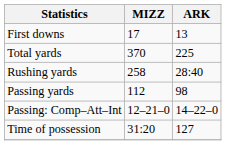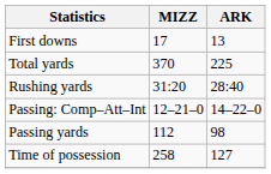 <table class="wikitable" style="float: left;">
 <tr>
 <th>Statistics</th>
 <th>MIZZ</th>
 <th>ARK</th>
 </tr>
 <tr>
 <td>First downs</td>
 <td>17</td>
 <td>13</td>
 </tr>
 <tr>
 <td>Total yards</td>
 <td>370</td>
 <td>225</td>
 </tr>
 <tr>
 <td>Rushing yards</td>
-<td>258</td>
+<td>31:20</td>
 <td>28:40</td>
+</tr>
+<tr>
+<td>Passing: Comp–Att–Int</td>
+<td>12–21–0</td>
+<td>14–22–0</td>
 </tr>
 <tr>
 <td>Passing yards</td>
 <td>112</td>
 <td>98</td>
 </tr>
 <tr>
-<td>Passing: Comp–Att–Int</td>
-<td>12–21–0</td>
-<td>14–22–0</td>
-</tr>
-<tr>
 <td>Time of possession</td>
-<td>31:20</td>
+<td>258</td>
 <td>127</td>
 </tr>
 <tr>
 </tr>
 </table>
